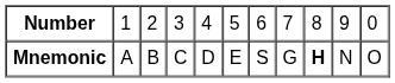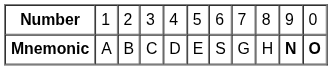 <table border="1" cellspacing="0" cellpadding="5">
 <tr>
 <th>Number</th>
 <td>1</td>
 <td>2</td>
 <td>3</td>
 <td>4</td>
 <td>5</td>
 <td>6</td>
 <td>7</td>
 <td>8</td>
 <td>9</td>
 <td>0</td>
 </tr>
 <tr>
 <th>Mnemonic</th>
 <td>A</td>
 <td>B</td>
 <td>C</td>
 <td>D</td>
 <td>E</td>
 <td>S</td>
 <td>G</td>
-<td><strong>H</strong></td>
-<td>N</td>
-<td>O</td>
+<td>H</td>
+<td><strong>N</strong></td>
+<td><strong>O</strong></td>
 </tr>
 <tr>
 </tr>
 </table>
